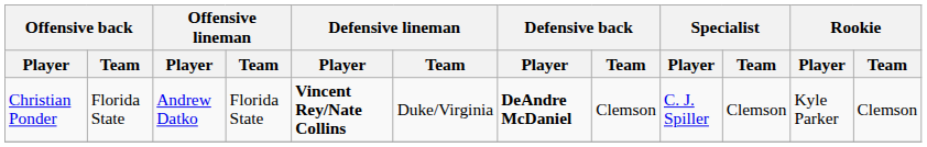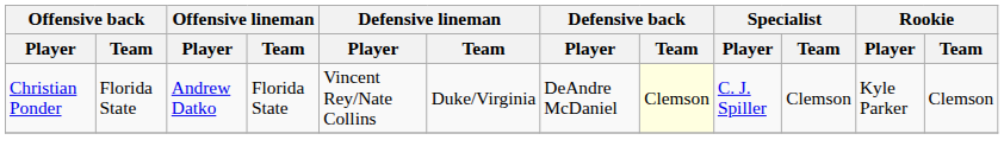 <table class="wikitable" border="1">
 <tr>
 <th colspan="2">Offensive back</th>
 <th colspan="2">Offensive lineman</th>
 <th colspan="2">Defensive lineman</th>
 <th colspan="2">Defensive back</th>
 <th colspan="2">Specialist</th>
 <th colspan="2">Rookie</th>
 </tr>
 <tr>
 <th>Player</th>
 <th>Team</th>
 <th>Player</th>
 <th>Team</th>
 <th>Player</th>
 <th>Team</th>
 <th>Player</th>
 <th>Team</th>
 <th>Player</th>
 <th>Team</th>
 <th>Player</th>
 <th>Team</th>
 </tr>
 <tr>
 <td><a href='#'>Christian Ponder</a></td>
 <td>Florida State</td>
 <td><a href='#'>Andrew Datko</a></td>
 <td>Florida State</td>
-<td><strong>Vincent Rey/Nate Collins</strong></td>
+<td>Vincent Rey/Nate Collins</td>
 <td>Duke/Virginia</td>
-<td><strong>DeAndre McDaniel</strong></td>
-<td>Clemson</td>
+<td>DeAndre McDaniel</td>
+<td style="background: lightyellow;">Clemson</td>
 <td><a href='#'>C. J. Spiller</a></td>
 <td>Clemson</td>
 <td>Kyle Parker</td>
 <td>Clemson</td>
 </tr>
 <tr>
 </tr>
 </table>
